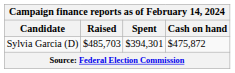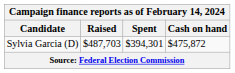 <table class="wikitable sortable">
 <tr>
 <th colspan=4>Campaign finance reports as of February 14, 2024</th>
 </tr>
 <tr style="text-align:center;">
 <th>Candidate</th>
 <th>Raised</th>
 <th>Spent</th>
 <th>Cash on hand</th>
 </tr>
 <tr>
 <td style="color:black;background-color:">Sylvia Garcia (D)</td>
-<td>$485,703</td>
+<td>$487,703</td>
 <td>$394,301</td>
 <td>$475,872</td>
 </tr>
 <tr>
 <th colspan="4"><small>Source: <a href='#'>Federal Election Commission</a></small></th>
 </tr>
 </table>
